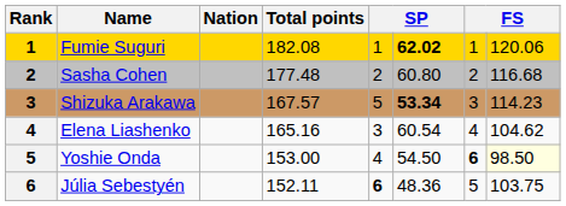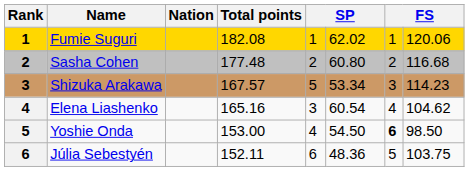 <table class="wikitable">
 <tr>
 <th>Rank</th>
 <th>Name</th>
 <th>Nation</th>
 <th>Total points</th>
 <th colspan="2" width="80px"><a href='#'>SP</a></th>
 <th colspan="2" width="80px"><a href='#'>FS</a></th>
 </tr>
 <tr bgcolor="gold">
 <td align="center"><strong>1</strong></td>
 <td><a href='#'>Fumie Suguri</a></td>
 <td></td>
 <td>182.08</td>
 <td>1</td>
-<td><strong>62.02</strong></td>
+<td>62.02</td>
 <td>1</td>
 <td>120.06</td>
 </tr>
 <tr bgcolor="silver">
 <td align="center"><strong>2</strong></td>
 <td><a href='#'>Sasha Cohen</a></td>
 <td></td>
 <td>177.48</td>
 <td>2</td>
 <td>60.80</td>
 <td>2</td>
 <td>116.68</td>
 </tr>
 <tr bgcolor="cc9966">
 <td align="center"><strong>3</strong></td>
 <td><a href='#'>Shizuka Arakawa</a></td>
 <td></td>
 <td>167.57</td>
 <td>5</td>
-<td><strong>53.34</strong></td>
+<td>53.34</td>
 <td>3</td>
 <td>114.23</td>
 </tr>
 <tr>
 <th>4</th>
 <td><a href='#'>Elena Liashenko</a></td>
 <td></td>
 <td>165.16</td>
 <td>3</td>
 <td>60.54</td>
 <td>4</td>
 <td>104.62</td>
 </tr>
 <tr>
 <th>5</th>
 <td><a href='#'>Yoshie Onda</a></td>
 <td></td>
 <td>153.00</td>
 <td>4</td>
 <td>54.50</td>
 <td><strong>6</strong></td>
-<td style="background: lightyellow;">98.50</td>
+<td>98.50</td>
 </tr>
 <tr>
 <th>6</th>
 <td><a href='#'>Júlia Sebestyén</a></td>
 <td></td>
 <td>152.11</td>
-<td><strong>6</strong></td>
+<td>6</td>
 <td>48.36</td>
 <td>5</td>
 <td>103.75</td>
 </tr>
 </table>
